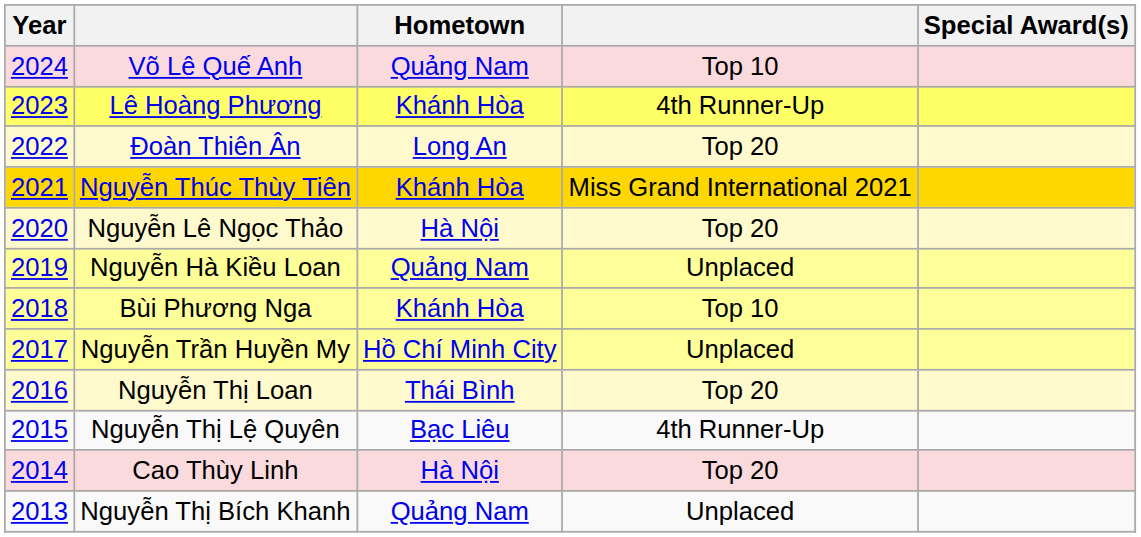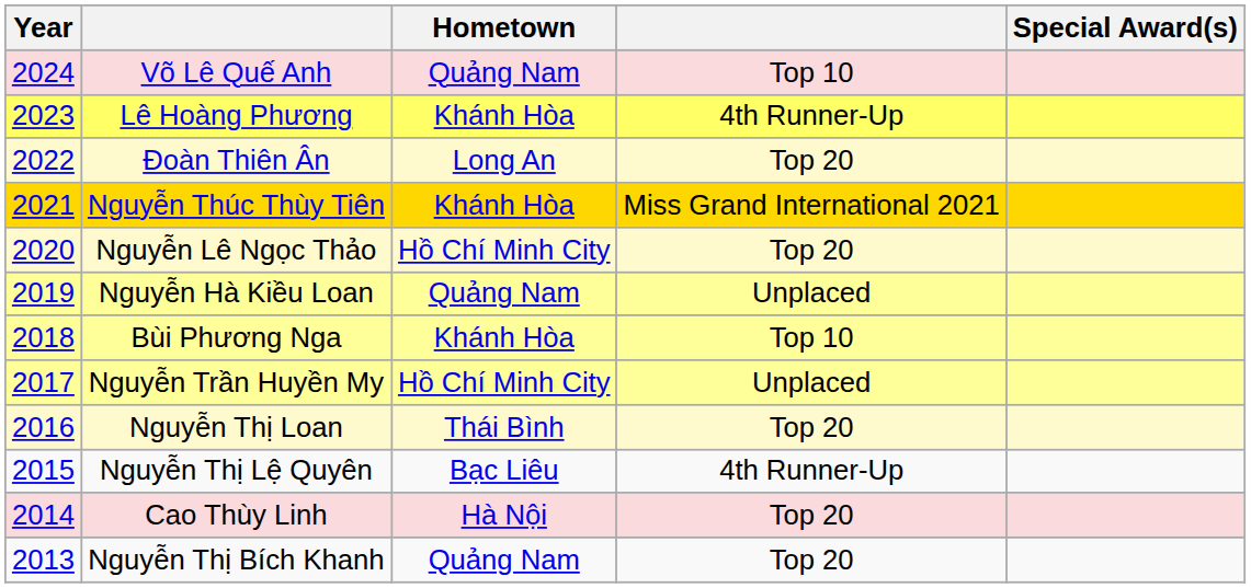 <table class="wikitable " style="font-size: 90%; text-align:center;">
 <tr>
 <th>Year</th>
 <th></th>
 <th>Hometown</th>
 <th></th>
 <th>Special Award(s)</th>
 </tr>
 <tr style="background-color:#FADADD;">
 <td><a href='#'>2024</a></td>
 <td><a href='#'>Võ Lê Quế Anh</a></td>
 <td><a href='#'>Quảng Nam</a></td>
 <td>Top 10</td>
 <td style="background:;"></td>
 </tr>
 <tr style="background-color:#FFFF66;: bold">
 <td><a href='#'>2023</a></td>
 <td><a href='#'>Lê Hoàng Phương</a></td>
 <td><a href='#'>Khánh Hòa</a></td>
 <td>4th Runner-Up</td>
 <td style="background:;"></td>
 </tr>
 <tr style="background-color:#FFFACD;: bold">
 <td><a href='#'>2022</a></td>
 <td><a href='#'>Đoàn Thiên Ân</a></td>
 <td><a href='#'>Long An</a></td>
 <td>Top 20</td>
 <td style="background:;"></td>
 </tr>
 <tr style="background-color:gold; : bold">
 <td><a href='#'>2021</a></td>
 <td><a href='#'>Nguyễn Thúc Thùy Tiên</a></td>
 <td><a href='#'>Khánh Hòa</a></td>
 <td>Miss Grand International 2021</td>
 <td style="background:;"></td>
 </tr>
 <tr style="background-color:#FFFACD;: bold">
 <td><a href='#'>2020</a></td>
 <td>Nguyễn Lê Ngọc Thảo</td>
-<td><a href='#'>Hà Nội</a></td>
+<td><a href='#'>Hồ Chí Minh City</a></td>
 <td>Top 20</td>
 <td style="background:;"></td>
 </tr>
 <tr style="background-color:#FFFF99; : bold">
 <td><a href='#'>2019</a></td>
 <td>Nguyễn Hà Kiều Loan</td>
 <td><a href='#'>Quảng Nam</a></td>
 <td>Unplaced</td>
 <td style="background:;"></td>
 </tr>
 <tr style="background-color:#FFFF99; : bold">
 <td><a href='#'>2018</a></td>
 <td>Bùi Phương Nga</td>
 <td><a href='#'>Khánh Hòa</a></td>
 <td>Top 10</td>
 <td style="background:;"></td>
 </tr>
 <tr style="background-color:#FFFF99; : bold">
 <td><a href='#'>2017</a></td>
 <td>Nguyễn Trần Huyền My</td>
 <td><a href='#'>Hồ Chí Minh City</a></td>
 <td>Unplaced</td>
 <td style="background:;"></td>
 </tr>
 <tr style="background-color:#FFFACD; : bold">
 <td><a href='#'>2016</a></td>
 <td>Nguyễn Thị Loan</td>
 <td><a href='#'>Thái Bình</a></td>
 <td>Top 20</td>
 <td style="background:;"></td>
 </tr>
 <tr>
 <td><a href='#'>2015</a></td>
 <td>Nguyễn Thị Lệ Quyên</td>
 <td><a href='#'>Bạc Liêu</a></td>
 <td>4th Runner-Up</td>
 <td></td>
 </tr>
 <tr style="background-color:#FADADD;">
 <td><a href='#'>2014</a></td>
 <td>Cao Thùy Linh</td>
 <td><a href='#'>Hà Nội</a></td>
 <td>Top 20</td>
 <td style="background:;"></td>
 </tr>
 <tr>
 <td><a href='#'>2013</a></td>
 <td>Nguyễn Thị Bích Khanh</td>
 <td><a href='#'>Quảng Nam</a></td>
-<td>Unplaced</td>
+<td>Top 20</td>
 <td></td>
 </tr>
 </table>
